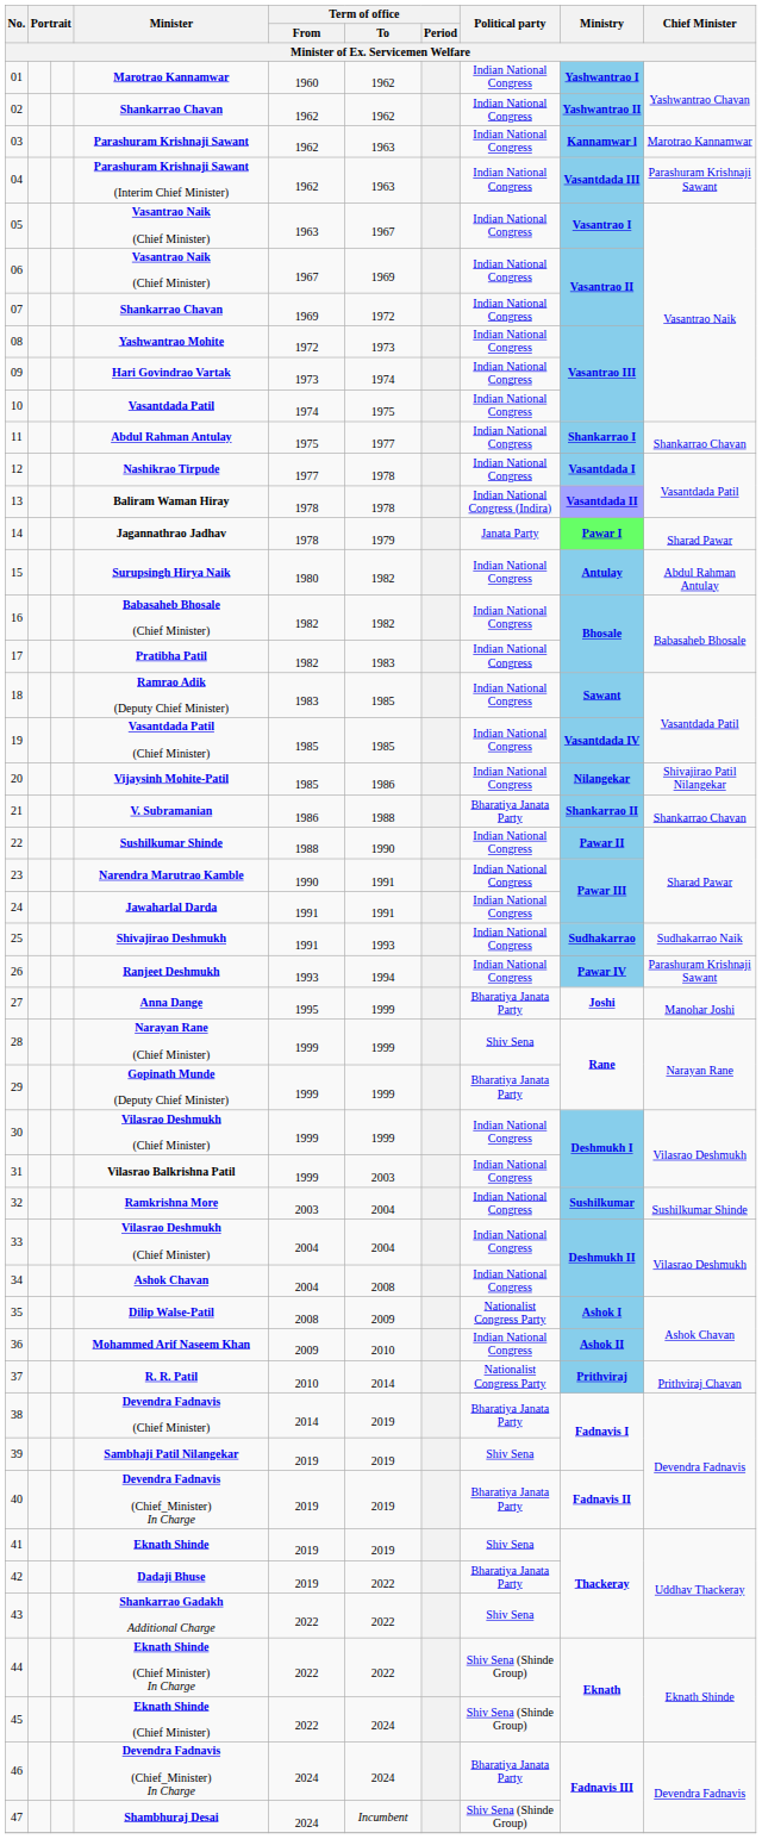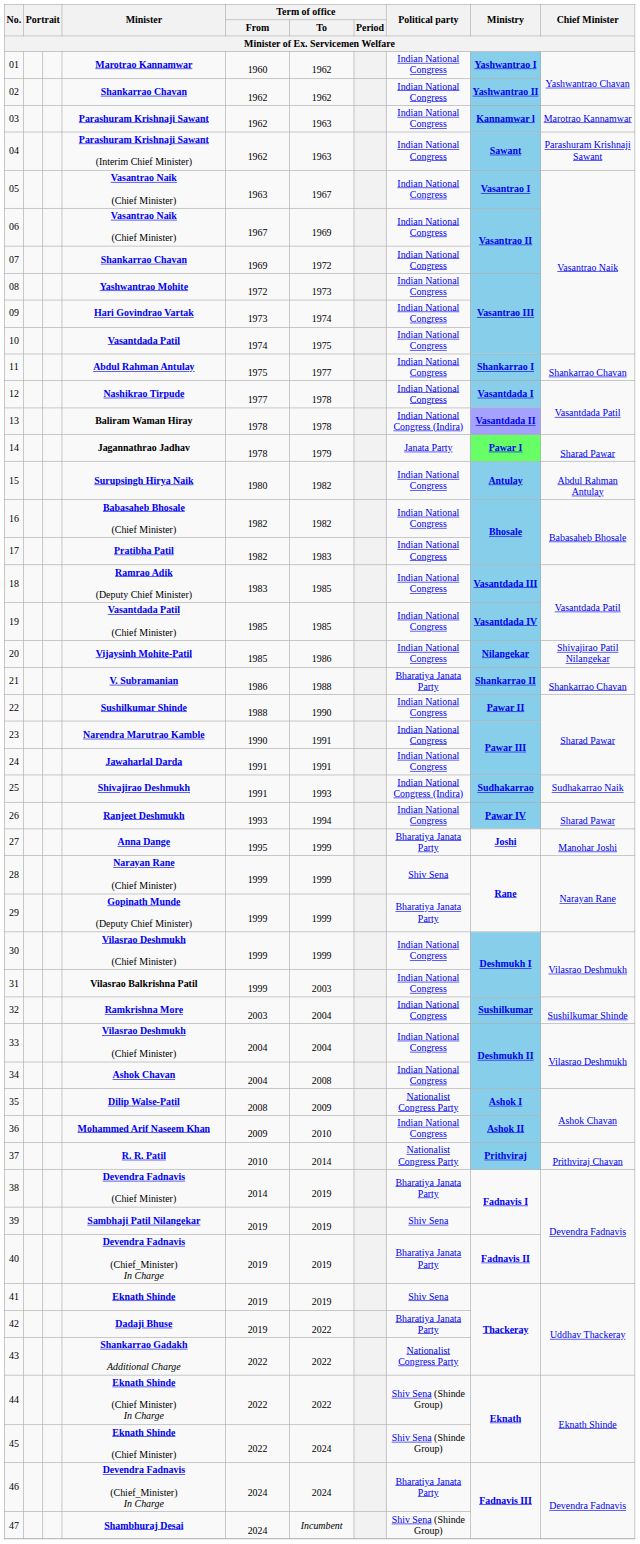 <table class="wikitable" style="text-align:center">
 <tr>
 <th rowspan="2">No.</th>
 <th rowspan="2" colspan="2">Portrait</th>
 <th rowspan="2" style="width:16em">Minister<br></th>
 <th colspan="3">Term of office</th>
 <th rowspan="2" style="width:8em">Political party</th>
 <th rowspan="2">Ministry</th>
 <th rowspan="2" style="width:9em">Chief Minister</th>
 </tr>
 <tr>
 <th style="width:6em">From</th>
 <th style="width:6em">To</th>
 <th>Period</th>
 </tr>
 <tr>
 <th colspan="10">Minister of Ex. Servicemen Welfare</th>
 </tr>
 <tr>
 <td>01</td>
 <td style="color:inherit;background:"></td>
 <td></td>
 <td><strong><a href='#'>Marotrao Kannamwar</a></strong> <br> </td>
 <td><br>1960</td>
 <td><br>1962</td>
 <th></th>
 <td><a href='#'>Indian National Congress</a></td>
 <td bgcolor="#87CEEB"><a href='#'><strong>Yashwantrao I</strong></a></td>
 <td rowspan="2"> <br><a href='#'>Yashwantrao Chavan</a></td>
 </tr>
 <tr>
 <td>02</td>
 <td style="color:inherit;background:"></td>
 <td></td>
 <td><strong><a href='#'>Shankarrao Chavan</a></strong> <br> </td>
 <td><br>1962</td>
 <td><br>1962</td>
 <th></th>
 <td><a href='#'>Indian National Congress</a></td>
 <td bgcolor="#87CEEB"><a href='#'><strong>Yashwantrao II</strong></a></td>
 </tr>
 <tr>
 <td>03</td>
 <td style="color:inherit;background:"></td>
 <td></td>
 <td><strong><a href='#'>Parashuram Krishnaji Sawant</a></strong> <br> </td>
 <td><br>1962</td>
 <td><br>1963</td>
 <th></th>
 <td><a href='#'>Indian National Congress</a></td>
 <td bgcolor="#87CEEB"><a href='#'><strong>Kannamwar l</strong></a></td>
 <td><a href='#'>Marotrao Kannamwar</a></td>
 </tr>
 <tr>
 <td>04</td>
 <td style="color:inherit;background:"></td>
 <td></td>
 <td><strong><a href='#'>Parashuram Krishnaji Sawant</a></strong> <br>  <br>(Interim Chief Minister)</td>
 <td><br>1962</td>
 <td><br>1963</td>
 <th></th>
 <td><a href='#'>Indian National Congress</a></td>
-<td rowspan="1" bgcolor="#87CEEB"><a href='#'><strong>Vasantdada III</strong></a></td>
+<td bgcolor="#87CEEB"><a href='#'><strong>Sawant</strong></a></td>
 <td><a href='#'>Parashuram Krishnaji Sawant</a></td>
 </tr>
 <tr>
 <td>05</td>
 <td style="color:inherit;background:"></td>
 <td></td>
 <td><strong><a href='#'>Vasantrao Naik</a></strong> <br> <br> (Chief Minister)</td>
 <td><br>1963</td>
 <td><br>1967</td>
 <th></th>
 <td><a href='#'>Indian National Congress</a></td>
 <td bgcolor="#87CEEB"><a href='#'><strong>Vasantrao I</strong></a></td>
 <td rowspan="6"><br><a href='#'>Vasantrao Naik</a></td>
 </tr>
 <tr>
 <td>06</td>
 <td style="color:inherit;background:"></td>
 <td></td>
 <td><strong><a href='#'>Vasantrao Naik</a></strong> <br> <br> (Chief Minister)</td>
 <td><br>1967</td>
 <td><br>1969</td>
 <th></th>
 <td><a href='#'>Indian National Congress</a></td>
 <td rowspan="2" bgcolor="#87CEEB"><a href='#'><strong>Vasantrao II</strong></a></td>
 </tr>
 <tr>
 <td>07</td>
 <td style="color:inherit;background:"></td>
 <td></td>
 <td><strong><a href='#'>Shankarrao Chavan</a></strong>  <br> </td>
 <td><br>1969</td>
 <td><br>1972</td>
 <th></th>
 <td><a href='#'>Indian National Congress</a></td>
 </tr>
 <tr>
 <td>08</td>
 <td style="color:inherit;background:"></td>
 <td></td>
 <td><strong><a href='#'>Yashwantrao Mohite</a></strong> <br> </td>
 <td><br>1972</td>
 <td><br>1973</td>
 <th></th>
 <td><a href='#'>Indian National Congress</a></td>
 <td rowspan="3" bgcolor="#87CEEB"><a href='#'><strong>Vasantrao III</strong></a></td>
 </tr>
 <tr>
 <td>09</td>
 <td style="color:inherit;background:"></td>
 <td></td>
 <td><strong><a href='#'>Hari Govindrao Vartak</a></strong> <br> </td>
 <td><br>1973</td>
 <td><br>1974</td>
 <th></th>
 <td><a href='#'>Indian National Congress</a></td>
 </tr>
 <tr>
 <td>10</td>
 <td style="color:inherit;background:"></td>
 <td></td>
 <td><strong><a href='#'>Vasantdada Patil</a></strong> <br> </td>
 <td><br>1974</td>
 <td><br>1975</td>
 <th></th>
 <td><a href='#'>Indian National Congress</a></td>
 </tr>
 <tr>
 <td>11</td>
 <td style="color:inherit;background:"></td>
 <td></td>
 <td><strong><a href='#'>Abdul Rahman Antulay</a></strong>  <br> </td>
 <td><br>1975</td>
 <td><br>1977</td>
 <th></th>
 <td><a href='#'>Indian National Congress</a></td>
 <td rowspan="1" bgcolor="#87CEEB"><a href='#'><strong>Shankarrao I</strong></a></td>
 <td rowspan="1"><br><a href='#'>Shankarrao Chavan</a></td>
 </tr>
 <tr>
 <td>12</td>
 <td style="color:inherit;background:"></td>
 <td></td>
 <td><strong><a href='#'>Nashikrao Tirpude</a></strong> <br> </td>
 <td><br>1977</td>
 <td><br>1978</td>
 <th></th>
 <td><a href='#'>Indian National Congress</a></td>
 <td rowspan="1" bgcolor="#88CEEB"><a href='#'><strong>Vasantdada I</strong></a></td>
 <td rowspan="2"><br><a href='#'>Vasantdada Patil</a></td>
 </tr>
 <tr>
 <td>13</td>
 <td style="color:inherit;background:"></td>
 <td></td>
 <td><strong>Baliram Waman Hiray</strong> <br> </td>
 <td><br>1978</td>
 <td><br>1978</td>
 <th></th>
 <td><a href='#'>Indian National Congress (Indira)</a></td>
 <td rowspan="1" bgcolor="#A3A3FF"><a href='#'><strong>Vasantdada II</strong></a></td>
 </tr>
 <tr>
 <td>14</td>
 <td style="color:inherit;background:"></td>
 <td></td>
 <td><strong>Jagannathrao Jadhav</strong>  <br> </td>
 <td><br>1978</td>
 <td><br>1979</td>
 <th></th>
 <td><a href='#'>Janata Party</a></td>
 <td rowspan="1" bgcolor="#66FF66"><a href='#'><strong>Pawar I</strong></a></td>
 <td rowspan="1"><br><a href='#'>Sharad Pawar</a></td>
 </tr>
 <tr>
 <td>15</td>
 <td style="color:inherit;background:"></td>
 <td></td>
 <td><strong><a href='#'>Surupsingh Hirya Naik</a></strong> <br> </td>
 <td><br>1980</td>
 <td><br>1982</td>
 <th></th>
 <td><a href='#'>Indian National Congress</a></td>
 <td rowspan="1" bgcolor="#87CEEB"><a href='#'><strong>Antulay</strong></a></td>
 <td rowspan="1"> <br><a href='#'>Abdul Rahman Antulay</a></td>
 </tr>
 <tr>
 <td>16</td>
 <td style="color:inherit;background:"></td>
 <td></td>
 <td><strong><a href='#'>Babasaheb Bhosale</a></strong> <br> <br> (Chief Minister)</td>
 <td><br>1982</td>
 <td><br>1982</td>
 <th></th>
 <td><a href='#'>Indian National Congress</a></td>
 <td rowspan="2" bgcolor="#87CEEB"><a href='#'><strong>Bhosale</strong></a></td>
 <td rowspan="2"> <br><a href='#'>Babasaheb Bhosale</a></td>
 </tr>
 <tr>
 <td>17</td>
 <td style="color:inherit;background:"></td>
 <td></td>
 <td><strong><a href='#'>Pratibha Patil</a></strong> <br> </td>
 <td><br>1982</td>
 <td><br>1983</td>
 <th></th>
 <td><a href='#'>Indian National Congress</a></td>
 </tr>
 <tr>
 <td>18</td>
 <td style="color:inherit;background:"></td>
 <td></td>
 <td><strong><a href='#'>Ramrao Adik</a></strong> <br> <br>(Deputy Chief Minister)</td>
 <td><br>1983</td>
 <td><br>1985</td>
 <th></th>
 <td><a href='#'>Indian National Congress</a></td>
-<td bgcolor="#87CEEB"><a href='#'><strong>Sawant</strong></a></td>
+<td rowspan="1" bgcolor="#87CEEB"><a href='#'><strong>Vasantdada III</strong></a></td>
 <td rowspan="2"><br><a href='#'>Vasantdada Patil</a></td>
 </tr>
 <tr>
 <td>19</td>
 <td style="color:inherit;background:"></td>
 <td></td>
 <td><strong><a href='#'>Vasantdada Patil</a></strong> <br> <br> (Chief Minister)</td>
 <td><br>1985</td>
 <td><br>1985</td>
 <th></th>
 <td><a href='#'>Indian National Congress</a></td>
 <td rowspan="1" bgcolor="#87CEEB"><a href='#'><strong>Vasantdada IV</strong></a></td>
 </tr>
 <tr>
 <td>20</td>
 <td style="color:inherit;background:"></td>
 <td></td>
 <td><strong><a href='#'>Vijaysinh Mohite-Patil</a></strong> <br> </td>
 <td><br>1985</td>
 <td><br>1986</td>
 <th></th>
 <td><a href='#'>Indian National Congress</a></td>
 <td rowspan="1" bgcolor="#87CEEB"><a href='#'><strong>Nilangekar</strong></a></td>
 <td rowspan="1"><a href='#'>Shivajirao Patil Nilangekar</a></td>
 </tr>
 <tr>
 <td>21</td>
 <td style="color:inherit;background:"></td>
 <td></td>
 <td><strong><a href='#'>V. Subramanian</a></strong> <br> </td>
 <td><br>1986</td>
 <td><br>1988</td>
 <th></th>
 <td><a href='#'>Bharatiya Janata Party</a></td>
 <td rowspan="1"bgcolor="#87CEEB"><a href='#'><strong>Shankarrao II</strong></a></td>
 <td rowspan="1"> <br><a href='#'>Shankarrao Chavan</a></td>
 </tr>
 <tr>
 <td>22</td>
 <td style="color:inherit;background:"></td>
 <td></td>
 <td><strong><a href='#'>Sushilkumar Shinde</a></strong> <br> </td>
 <td><br>1988</td>
 <td><br>1990</td>
 <th></th>
 <td><a href='#'>Indian National Congress</a></td>
 <td rowspan="1" bgcolor="#87CEEB"><a href='#'><strong>Pawar II</strong></a></td>
 <td rowspan="3"> <br><a href='#'>Sharad Pawar</a></td>
 </tr>
 <tr>
 <td>23</td>
 <td style="color:inherit;background:"></td>
 <td></td>
 <td><strong><a href='#'>Narendra Marutrao Kamble</a></strong> <br> </td>
 <td><br>1990</td>
 <td><br>1991</td>
 <th></th>
 <td><a href='#'>Indian National Congress</a></td>
 <td rowspan="2" bgcolor="#87CEEB"><a href='#'><strong>Pawar III</strong></a></td>
 </tr>
 <tr>
 <td>24</td>
 <td style="color:inherit;background:"></td>
 <td></td>
 <td><strong><a href='#'>Jawaharlal Darda</a></strong> <br> </td>
 <td><br>1991</td>
 <td><br>1991</td>
 <th></th>
 <td><a href='#'>Indian National Congress</a></td>
 </tr>
 <tr>
 <td>25</td>
 <td style="color:inherit;background:"></td>
 <td></td>
 <td><strong><a href='#'>Shivajirao Deshmukh</a></strong> <br> </td>
 <td><br>1991</td>
 <td><br>1993</td>
 <th></th>
-<td><a href='#'>Indian National Congress</a></td>
+<td><a href='#'>Indian National Congress (Indira)</a></td>
 <td rowspan="1" bgcolor="#87CEEB"><a href='#'><strong>Sudhakarrao</strong></a></td>
 <td rowspan="1"><a href='#'>Sudhakarrao Naik</a></td>
 </tr>
 <tr>
 <td>26</td>
 <td style="color:inherit;background:"></td>
 <td></td>
 <td><strong><a href='#'>Ranjeet Deshmukh</a></strong> <br> </td>
 <td><br>1993</td>
 <td><br>1994</td>
 <th></th>
 <td><a href='#'>Indian National Congress</a></td>
 <td rowspan="1" bgcolor="#87CEEB"><a href='#'><strong>Pawar IV</strong></a></td>
-<td><a href='#'>Parashuram Krishnaji Sawant</a></td>
+<td rowspan="1"> <br><a href='#'>Sharad Pawar</a></td>
 </tr>
 <tr>
 <td>27</td>
 <td style="color:inherit;background:"></td>
 <td></td>
 <td><strong><a href='#'>Anna Dange</a></strong> <br> </td>
 <td><br>1995</td>
 <td><br>1999</td>
 <th></th>
 <td><a href='#'>Bharatiya Janata Party</a></td>
 <td rowspan="1"><a href='#'><strong>Joshi</strong></a></td>
 <td rowspan="1"> <br><a href='#'>Manohar Joshi</a></td>
 </tr>
 <tr>
 <td>28</td>
 <td style="color:inherit;background:"></td>
 <td></td>
 <td><strong><a href='#'>Narayan Rane</a></strong> <br> <br> (Chief Minister)</td>
 <td><br>1999</td>
 <td><br>1999</td>
 <th></th>
 <td><a href='#'>Shiv Sena</a></td>
 <td rowspan="2"><a href='#'><strong>Rane</strong></a></td>
 <td rowspan="2"> <br><a href='#'>Narayan Rane</a></td>
 </tr>
 <tr>
 <td>29</td>
 <td style="color:inherit;background:"></td>
 <td></td>
 <td><strong><a href='#'>Gopinath Munde</a></strong> <br>  <br>(Deputy Chief Minister)</td>
 <td><br>1999</td>
 <td><br>1999</td>
 <th></th>
 <td><a href='#'>Bharatiya Janata Party</a></td>
 </tr>
 <tr>
 <td>30</td>
 <td style="color:inherit;background:"></td>
 <td></td>
 <td><strong><a href='#'>Vilasrao Deshmukh</a></strong> <br> <br>(Chief Minister)</td>
 <td><br>1999</td>
 <td><br>1999</td>
 <th></th>
 <td><a href='#'>Indian National Congress</a></td>
 <td rowspan="2" bgcolor="#87CEEB"><a href='#'><strong>Deshmukh I</strong></a></td>
 <td rowspan="2"> <br><a href='#'>Vilasrao Deshmukh</a></td>
 </tr>
 <tr>
 <td>31</td>
 <td style="color:inherit;background:"></td>
 <td></td>
 <td><strong>Vilasrao Balkrishna Patil</strong> <br> </td>
 <td><br>1999</td>
 <td><br>2003</td>
 <th></th>
 <td><a href='#'>Indian National Congress</a></td>
 </tr>
 <tr>
 <td>32</td>
 <td style="color:inherit;background:"></td>
 <td></td>
 <td><strong><a href='#'>Ramkrishna More</a></strong> <br> </td>
 <td><br>2003</td>
 <td><br>2004</td>
 <th></th>
 <td><a href='#'>Indian National Congress</a></td>
 <td rowspan="1" bgcolor="#87CEEB"><a href='#'><strong>Sushilkumar</strong></a></td>
 <td rowspan="1"> <br><a href='#'>Sushilkumar Shinde</a></td>
 </tr>
 <tr>
 <td>33</td>
 <td style="color:inherit;background:"></td>
 <td></td>
 <td><strong><a href='#'>Vilasrao Deshmukh</a></strong> <br> <br> (Chief Minister)</td>
 <td><br>2004</td>
 <td><br>2004</td>
 <th></th>
 <td><a href='#'>Indian National Congress</a></td>
 <td rowspan="2" bgcolor="#87CEEB"><a href='#'><strong>Deshmukh II</strong></a></td>
 <td rowspan="2"> <br><a href='#'>Vilasrao Deshmukh</a></td>
 </tr>
 <tr>
 <td>34</td>
 <td style="color:inherit;background:"></td>
 <td></td>
 <td><strong><a href='#'>Ashok Chavan</a></strong> <br> </td>
 <td><br>2004</td>
 <td><br>2008</td>
 <th></th>
 <td><a href='#'>Indian National Congress</a></td>
 </tr>
 <tr>
 <td>35</td>
 <td style="color:inherit;background:"></td>
 <td></td>
 <td><strong><a href='#'>Dilip Walse-Patil</a></strong> <br> </td>
 <td><br>2008</td>
 <td><br>2009</td>
 <th></th>
 <td><a href='#'>Nationalist Congress Party</a></td>
 <td rowspan="1" bgcolor="#87CEEB"><a href='#'><strong>Ashok I</strong></a></td>
 <td rowspan="2"><br><a href='#'>Ashok Chavan</a></td>
 </tr>
 <tr>
 <td>36</td>
 <td style="color:inherit;background:"></td>
 <td></td>
 <td><strong><a href='#'>Mohammed Arif Naseem Khan</a></strong>  <br> </td>
 <td><br>2009</td>
 <td><br>2010</td>
 <th></th>
 <td><a href='#'>Indian National Congress</a></td>
 <td rowspan="1"bgcolor="#87CEEB"><a href='#'><strong>Ashok II</strong></a></td>
 </tr>
 <tr>
 <td>37</td>
 <td style="color:inherit;background:"></td>
 <td></td>
 <td><strong><a href='#'>R. R. Patil</a></strong> <br> </td>
 <td><br>2010</td>
 <td><br>2014</td>
 <th></th>
 <td><a href='#'>Nationalist Congress Party</a></td>
 <td rowspan="1" bgcolor="#87CEEB"><a href='#'><strong>Prithviraj</strong></a></td>
 <td rowspan="1"><br><a href='#'>Prithviraj Chavan</a></td>
 </tr>
 <tr>
 <td>38</td>
 <td style="color:inherit;background:"></td>
 <td></td>
 <td><strong><a href='#'>Devendra Fadnavis</a></strong>  <br>  <br>(Chief Minister)</td>
 <td><br>2014</td>
 <td><br>2019</td>
 <th></th>
 <td rowspan="1"><a href='#'>Bharatiya Janata Party</a></td>
 <td rowspan="2"><a href='#'><strong>Fadnavis I</strong></a></td>
 <td rowspan="3"> <br><a href='#'>Devendra Fadnavis</a></td>
 </tr>
 <tr>
 <td>39</td>
 <td style="color:inherit;background:"></td>
 <td></td>
 <td><strong><a href='#'>Sambhaji Patil Nilangekar</a></strong> <br> </td>
 <td><br>2019</td>
 <td><br>2019</td>
 <th></th>
 <td><a href='#'>Shiv Sena</a></td>
 </tr>
 <tr>
 <td>40</td>
 <td style="color:inherit;background:"></td>
 <td></td>
 <td><strong><a href='#'>Devendra Fadnavis</a></strong>  <br> <br>(Chief_Minister) <br><em>In Charge</em></td>
 <td><br>2019</td>
 <td><br>2019</td>
 <th></th>
 <td><a href='#'>Bharatiya Janata Party</a></td>
 <td rowspan="1"><a href='#'><strong>Fadnavis II</strong></a></td>
 </tr>
 <tr>
 <td>41</td>
 <td style="color:inherit;background:"></td>
 <td></td>
 <td><strong><a href='#'>Eknath Shinde</a></strong> <br> </td>
 <td><br>2019</td>
 <td><br>2019</td>
 <th></th>
 <td><a href='#'>Shiv Sena</a></td>
 <td rowspan="3"><a href='#'><strong>Thackeray</strong></a></td>
 <td rowspan="3"> <br><a href='#'>Uddhav Thackeray</a></td>
 </tr>
 <tr>
 <td>42</td>
 <td style="color:inherit;background:"></td>
 <td></td>
 <td><strong><a href='#'>Dadaji Bhuse</a></strong> <br> </td>
 <td><br>2019</td>
 <td><br>2022</td>
 <th></th>
 <td rowspan="1"><a href='#'>Bharatiya Janata Party</a></td>
 </tr>
 <tr>
 <td>43</td>
 <td style="color:inherit;background:"></td>
 <td></td>
 <td><strong><a href='#'>Shankarrao Gadakh</a></strong> <br> <br> <em>Additional Charge</em></td>
 <td><br>2022</td>
 <td><br>2022</td>
 <th></th>
-<td><a href='#'>Shiv Sena</a></td>
+<td><a href='#'>Nationalist Congress Party</a></td>
 </tr>
 <tr>
 <td>44</td>
 <td style="color:inherit;background:"></td>
 <td></td>
 <td><strong><a href='#'>Eknath Shinde</a></strong> <br>  <br>(Chief Minister)<br><em>In Charge</em></td>
 <td><br>2022</td>
 <td><br>2022</td>
 <th></th>
 <td><a href='#'>Shiv Sena</a> (Shinde Group)</td>
 <td rowspan="2"><a href='#'><strong>Eknath</strong></a></td>
 <td rowspan="2"> <br><a href='#'>Eknath Shinde</a></td>
 </tr>
 <tr>
 <td>45</td>
 <td style="color:inherit;background:"></td>
 <td></td>
 <td><strong><a href='#'>Eknath Shinde</a></strong> <br>  <br>(Chief Minister)</td>
 <td><br>2022</td>
 <td><br>2024</td>
 <th></th>
 <td><a href='#'>Shiv Sena</a> (Shinde Group)</td>
 </tr>
 <tr>
 <td>46</td>
 <td style="color:inherit;background:"></td>
 <td></td>
 <td><strong><a href='#'>Devendra Fadnavis</a></strong>  <br> <br>(Chief_Minister) <br><em>In Charge</em></td>
 <td><br>2024</td>
 <td><br>2024</td>
 <th></th>
 <td><a href='#'>Bharatiya Janata Party</a></td>
 <td rowspan="2"><a href='#'><strong>Fadnavis III</strong></a></td>
 <td rowspan="2"> <br><a href='#'>Devendra Fadnavis</a></td>
 </tr>
 <tr>
 <td>47</td>
 <td style="color:inherit;background:"></td>
 <td></td>
 <td><strong><a href='#'>Shambhuraj Desai</a></strong>  <br> </td>
 <td><br>2024</td>
 <td><em>Incumbent</em></td>
 <th></th>
 <td><a href='#'>Shiv Sena</a> (Shinde Group)</td>
 </tr>
 <tr>
 </tr>
 </table>
